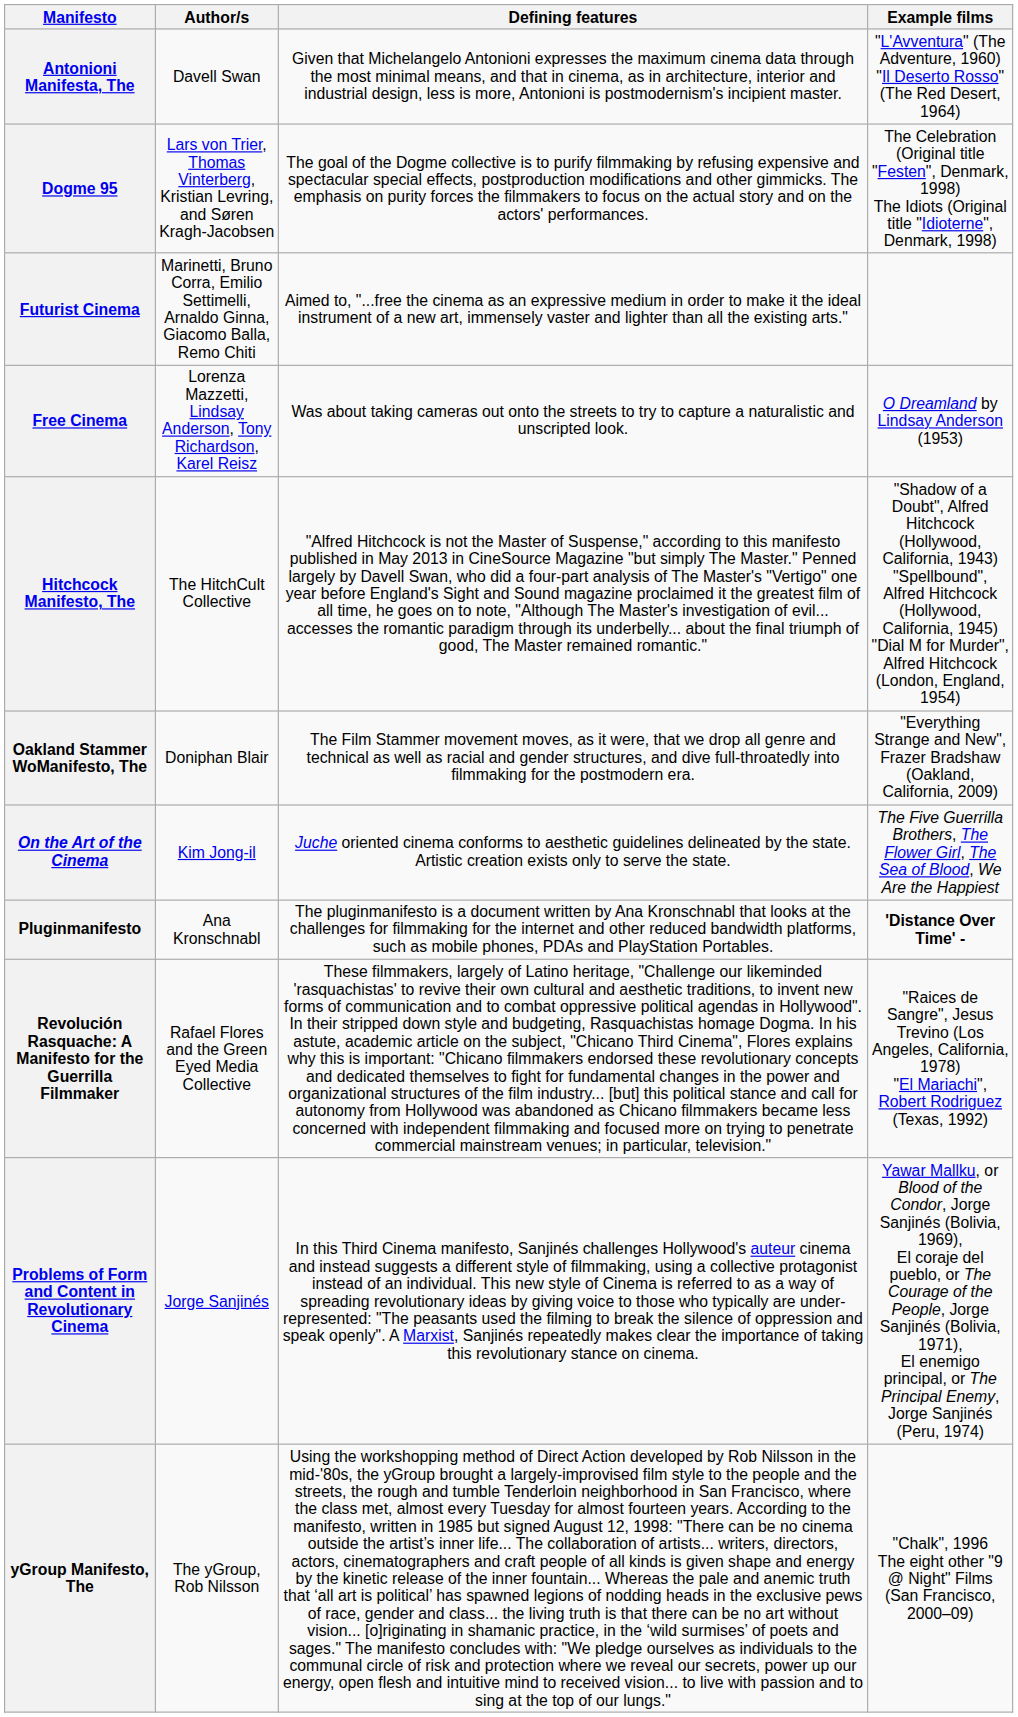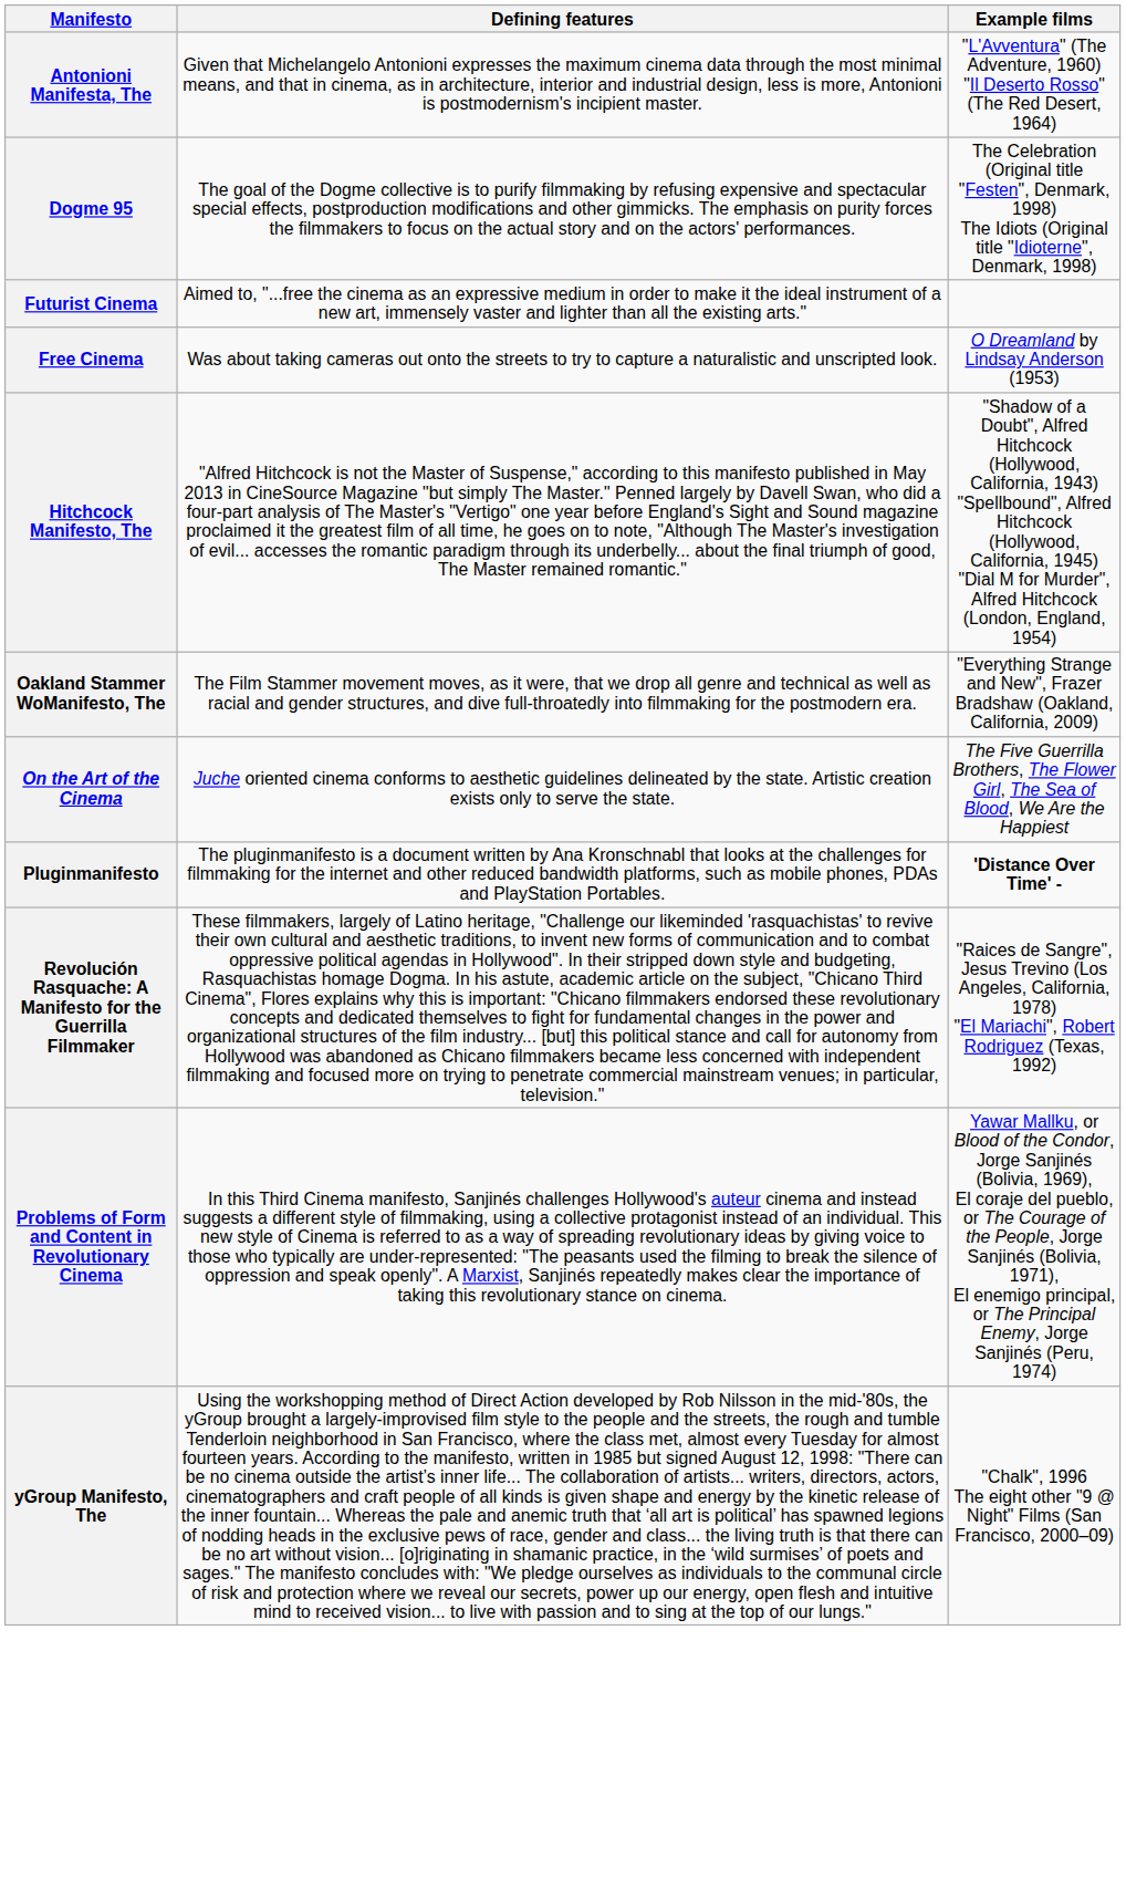 <table style="font-size: 85%; text-align: center;" class="wikitable">
 <tr>
 <th><a href='#'>Manifesto</a></th>
-<th>Author/s</th>
 <th>Defining features</th>
 <th>Example films</th>
 </tr>
 <tr>
 <th><a href='#'>Antonioni Manifesta, The</a></th>
-<td>Davell Swan</td>
 <td>Given that Michelangelo Antonioni expresses the maximum cinema data through the most minimal means, and that in cinema, as in architecture, interior and industrial design, less is more, Antonioni is postmodernism's incipient master.</td>
 <td>"<a href='#'>L'Avventura</a>" (The Adventure, 1960)<br>"<a href='#'>Il Deserto Rosso</a>" (The Red Desert, 1964)</td>
 </tr>
 <tr>
 <th><a href='#'>Dogme 95</a></th>
-<td><a href='#'>Lars von Trier</a>, <a href='#'>Thomas Vinterberg</a>, Kristian Levring, and Søren Kragh-Jacobsen</td>
 <td>The goal of the Dogme collective is to purify filmmaking by refusing expensive and spectacular special effects, postproduction modifications and other gimmicks. The emphasis on purity forces the filmmakers to focus on the actual story and on the actors' performances.</td>
 <td>The Celebration (Original title "<a href='#'>Festen</a>", Denmark, 1998)<br>The Idiots (Original title "<a href='#'>Idioterne</a>", Denmark, 1998)</td>
 </tr>
 <tr>
 <th><a href='#'>Futurist Cinema</a></th>
-<td>Marinetti, Bruno Corra, Emilio Settimelli, Arnaldo Ginna, Giacomo Balla, Remo Chiti</td>
 <td>Aimed to, "...free the cinema as an expressive medium in order to make it the ideal instrument of a new art, immensely vaster and lighter than all the existing arts."</td>
 <td></td>
 </tr>
 <tr>
 <th><a href='#'>Free Cinema</a></th>
-<td>Lorenza Mazzetti, <a href='#'>Lindsay Anderson</a>, <a href='#'>Tony Richardson</a>, <a href='#'>Karel Reisz</a></td>
 <td>Was about taking cameras out onto the streets to try to capture a naturalistic and unscripted look.</td>
 <td><em><a href='#'>O Dreamland</a></em> by <a href='#'>Lindsay Anderson</a> (1953) </td>
 </tr>
 <tr>
 <th><a href='#'>Hitchcock Manifesto, The</a></th>
-<td>The HitchCult Collective</td>
 <td>"Alfred Hitchcock is not the Master of Suspense," according to this manifesto published in May 2013 in CineSource Magazine  "but simply The Master." Penned largely by Davell Swan, who did a four-part analysis of The Master's "Vertigo" one year before England's Sight and Sound magazine proclaimed it the greatest film of all time, he goes on to note, "Although The Master's investigation of evil... accesses the romantic paradigm through its underbelly... about the final triumph of good, The Master remained romantic."</td>
 <td>"Shadow of a Doubt", Alfred Hitchcock  (Hollywood, California, 1943)<br>"Spellbound", Alfred Hitchcock  (Hollywood, California, 1945) "Dial M for Murder", Alfred Hitchcock  (London, England, 1954) </td>
 </tr>
 <tr>
 <th>Oakland Stammer WoManifesto, The</th>
-<td>Doniphan Blair</td>
 <td>The Film Stammer movement moves, as it were, that we drop all genre and technical as well as racial and gender structures, and dive full-throatedly into filmmaking for the postmodern era.</td>
 <td>"Everything Strange and New", Frazer Bradshaw  (Oakland, California, 2009)</td>
 </tr>
 <tr>
 <th><em><a href='#'>On the Art of the Cinema</a></em></th>
-<td><a href='#'>Kim Jong-il</a></td>
 <td><em><a href='#'>Juche</a></em> oriented cinema conforms to aesthetic guidelines delineated by the state. Artistic creation exists only to serve the state.</td>
 <td><em>The Five Guerrilla Brothers</em>, <em><a href='#'>The Flower Girl</a></em>, <em><a href='#'>The Sea of Blood</a></em>, <em>We Are the Happiest</em></td>
 </tr>
 <tr>
 <th>Pluginmanifesto</th>
-<td>Ana Kronschnabl</td>
 <td>The pluginmanifesto is a document written by Ana Kronschnabl that looks at the challenges for filmmaking for the internet and other reduced bandwidth platforms, such as mobile phones, PDAs and PlayStation Portables.</td>
 <td><strong>'Distance Over Time' - </strong></td>
 </tr>
 <tr>
 <th>Revolución Rasquache: A Manifesto for the Guerrilla Filmmaker</th>
-<td>Rafael Flores and the Green Eyed Media Collective</td>
 <td>These filmmakers, largely of Latino heritage, "Challenge our likeminded 'rasquachistas' to revive their own cultural and aesthetic traditions, to invent new forms of communication and to combat oppressive political agendas in Hollywood". In their stripped down style and budgeting, Rasquachistas homage Dogma.  In his astute, academic article on the subject, "Chicano Third Cinema", Flores explains why this is important: "Chicano filmmakers endorsed these revolutionary concepts and dedicated themselves to fight for fundamental changes in the power and organizational structures of the film industry... [but] this political stance and call for autonomy from Hollywood was abandoned as Chicano filmmakers became less concerned with independent filmmaking and focused more on trying to penetrate commercial mainstream venues; in particular, television."</td>
 <td>"Raices de Sangre", Jesus Trevino (Los Angeles, California, 1978)<br>"<a href='#'>El Mariachi</a>", <a href='#'>Robert Rodriguez</a> (Texas, 1992)</td>
 </tr>
 <tr>
 <th><a href='#'>Problems of Form and Content in Revolutionary Cinema</a></th>
-<td><a href='#'>Jorge Sanjinés</a></td>
 <td>In this Third Cinema manifesto, Sanjinés challenges Hollywood's <a href='#'>auteur</a> cinema and instead suggests a different style of filmmaking, using a collective protagonist instead of an individual. This new style of Cinema is referred to as a way of spreading revolutionary ideas by giving voice to those who typically are under-represented: "The peasants used the filming to break the silence of oppression and speak openly". A <a href='#'>Marxist</a>, Sanjinés repeatedly makes clear the importance of taking this revolutionary stance on cinema.</td>
 <td><a href='#'>Yawar Mallku</a>, or <em>Blood of the Condor</em>, Jorge Sanjinés (Bolivia, 1969),<br>El coraje del pueblo, or <em>The Courage of the People</em>, Jorge Sanjinés (Bolivia, 1971),<br>El enemigo principal, or <em>The Principal Enemy</em>, Jorge Sanjinés (Peru, 1974)</td>
 </tr>
 <tr>
 <th>yGroup Manifesto, The</th>
-<td>The yGroup, Rob Nilsson</td>
 <td>Using the workshopping method of Direct Action developed by Rob Nilsson  in the mid-'80s, the yGroup brought a largely-improvised film style to the people and the streets, the rough and tumble Tenderloin neighborhood in San Francisco, where the class met, almost every Tuesday for almost fourteen years. According to the manifesto, written in 1985 but signed August 12, 1998: "There can be no cinema outside the artist’s inner life... The collaboration of artists... writers, directors, actors, cinematographers and craft people of all kinds is given shape and energy by the kinetic release of the inner fountain... Whereas the pale and anemic truth that ‘all art is political’ has spawned legions of nodding heads in the exclusive pews of race, gender and class... the living truth is that there can be no art without vision... [o]riginating in shamanic practice, in the ‘wild surmises’ of poets and sages." The manifesto concludes with: "We pledge ourselves as individuals to the communal circle of risk and protection where we reveal our secrets, power up our energy, open flesh and intuitive mind to received vision... to live with passion and to sing at the top of our lungs."</td>
 <td>"Chalk", 1996<br>The eight other "9 @ Night" Films (San Francisco, 2000–09)</td>
 </tr>
 </table>
